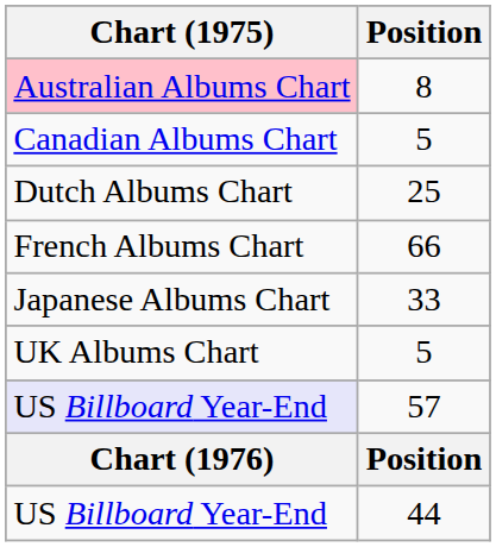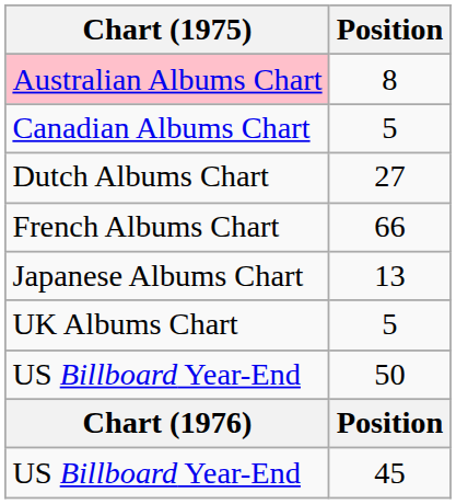 <table class="wikitable" style="text-align:center;">
 <tr>
 <th scope="col">Chart (1975)</th>
 <th scope="col">Position</th>
 </tr>
 <tr>
 <td align="left" style="background: pink;"><a href='#'>Australian Albums Chart</a></td>
 <td>8</td>
 </tr>
 <tr>
 <td align="left"><a href='#'>Canadian Albums Chart</a></td>
 <td>5</td>
 </tr>
 <tr>
 <td align="left">Dutch Albums Chart</td>
-<td>25</td>
+<td>27</td>
 </tr>
 <tr>
 <td align="left">French Albums Chart</td>
 <td>66</td>
 </tr>
 <tr>
 <td align="left">Japanese Albums Chart</td>
-<td>33</td>
+<td>13</td>
 </tr>
 <tr>
 <td align="left">UK Albums Chart</td>
 <td>5</td>
 </tr>
 <tr>
-<td align="left" style="background: lavender;">US <a href='#'><em>Billboard</em> Year-End</a></td>
-<td>57</td>
+<td align="left">US <a href='#'><em>Billboard</em> Year-End</a></td>
+<td>50</td>
 </tr>
 <tr>
 <th scope="col">Chart (1976)</th>
 <th scope="col">Position</th>
 </tr>
 <tr>
 <td align="left">US <a href='#'><em>Billboard</em> Year-End</a></td>
-<td>44</td>
+<td>45</td>
 </tr>
 </table>
